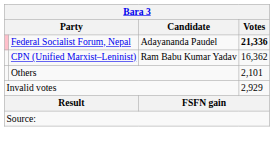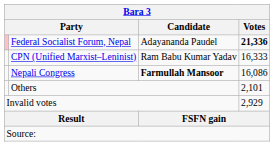 <table class="wikitable">
 <tr>
 <th colspan="4"><a href='#'>Bara 3</a></th>
 </tr>
 <tr>
 <th colspan="2">Party</th>
 <th>Candidate</th>
 <th>Votes</th>
 </tr>
 <tr>
 <td style="background-color:pink"></td>
 <td><a href='#'>Federal Socialist Forum, Nepal</a></td>
 <td>Adayananda Paudel</td>
 <td><strong>21,336</strong></td>
 </tr>
 <tr>
 <td style="background-color:"></td>
 <td><a href='#'>CPN (Unified Marxist–Leninist)</a></td>
 <td>Ram Babu Kumar Yadav</td>
-<td>16,362</td>
+<td>16,333</td>
+</tr>
+<tr>
+<td style="background-color:"></td>
+<td><a href='#'>Nepali Congress</a></td>
+<td><strong>Farmullah Mansoor</strong></td>
+<td>16,086</td>
 </tr>
 <tr>
 <td></td>
 <td colspan="2">Others</td>
 <td>2,101</td>
 </tr>
 <tr>
 <td colspan="3">Invalid votes</td>
 <td>2,929</td>
 </tr>
 <tr>
 <th colspan="2">Result</th>
 <th colspan="2">FSFN gain</th>
 </tr>
 <tr>
 <td colspan="4">Source: </td>
 </tr>
 </table>
